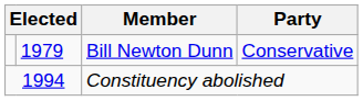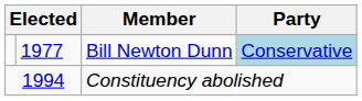 <table class="wikitable">
 <tr>
 <th colspan = "2">Elected</th>
 <th>Member</th>
 <th>Party</th>
 </tr>
 <tr>
 <td style="background-color: "></td>
-<td><a href='#'>1979</a></td>
+<td><a href='#'>1977</a></td>
 <td><a href='#'>Bill Newton Dunn</a></td>
-<td><a href='#'>Conservative</a></td>
+<td style="background: lightblue;"><a href='#'>Conservative</a></td>
 </tr>
 <tr>
 <td colspan="2" align="center"><a href='#'>1994</a></td>
 <td colspan="2"><em>Constituency abolished</em></td>
 </tr>
 </table>
